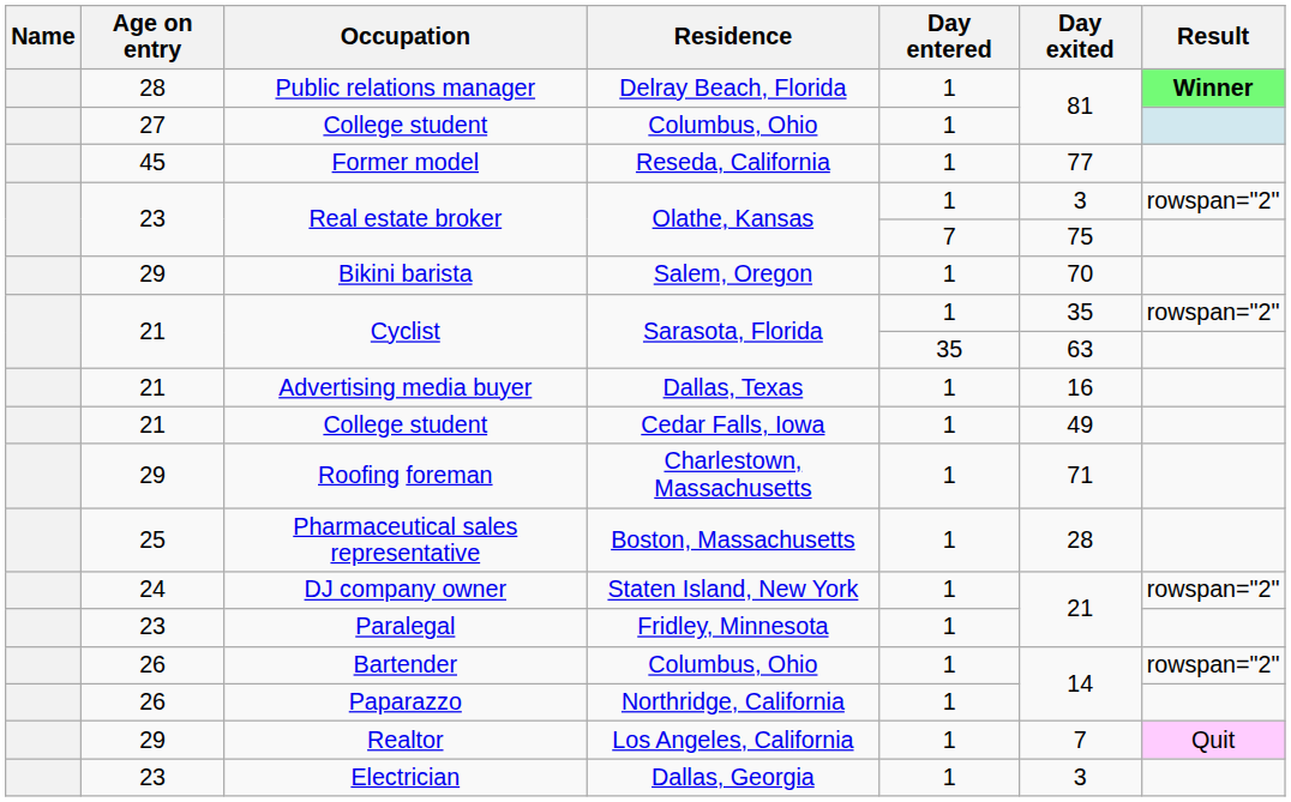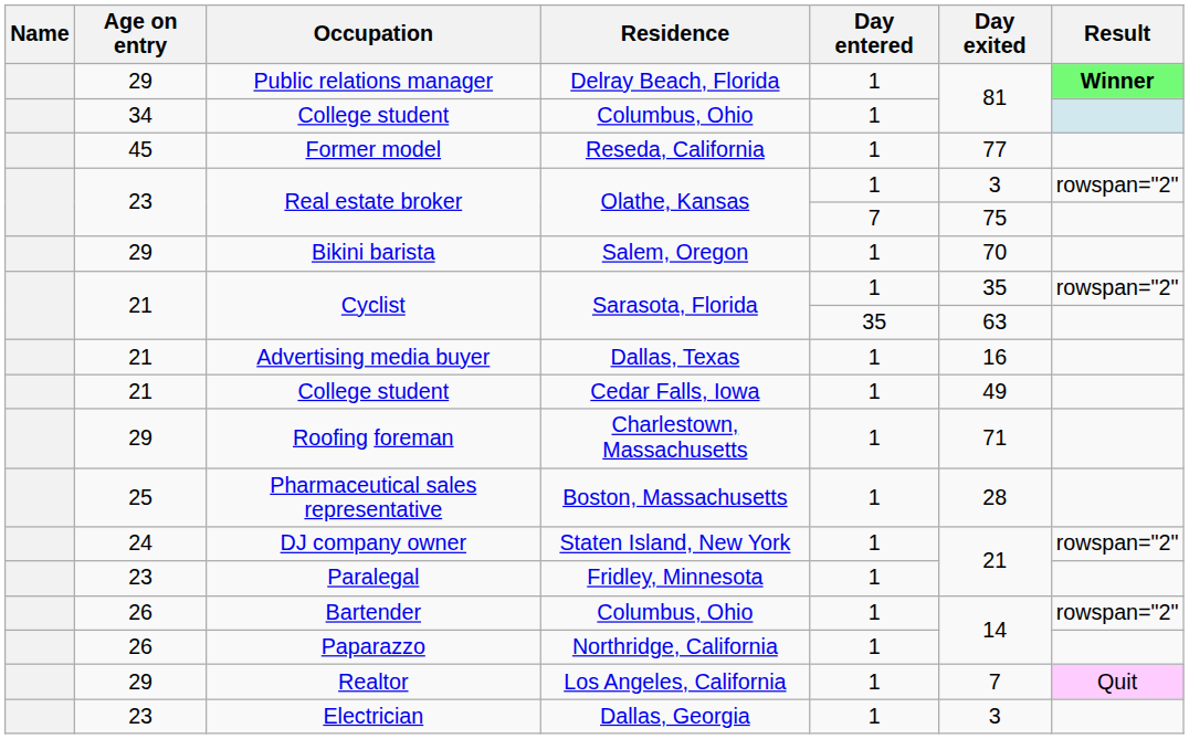 <table class="wikitable sortable" style="text-align:center;">
 <tr>
 <th scope="col">Name</th>
 <th scope="col">Age on entry</th>
 <th scope="col" class="unsortable">Occupation</th>
 <th scope="col" class="unsortable">Residence</th>
 <th scope="col" class="unsortable">Day entered</th>
 <th scope="col">Day exited</th>
 <th scope="col" class="unsortable">Result</th>
 </tr>
 <tr>
 <th scope="row"></th>
-<td>28</td>
+<td>29</td>
 <td><a href='#'>Public relations manager</a></td>
 <td><a href='#'>Delray Beach, Florida</a></td>
 <td>1</td>
 <td rowspan="2">81</td>
 <td bgcolor="73FB76"><strong>Winner</strong></td>
 </tr>
 <tr>
 <th scope="row"></th>
-<td>27</td>
+<td>34</td>
 <td><a href='#'>College student</a></td>
 <td><a href='#'>Columbus, Ohio</a></td>
 <td>1</td>
 <td bgcolor="D1E8EF"></td>
 </tr>
 <tr>
 <th scope="row"></th>
 <td>45</td>
 <td><a href='#'>Former model</a></td>
 <td><a href='#'>Reseda, California</a></td>
 <td>1</td>
 <td>77</td>
 <td></td>
 </tr>
 <tr>
 <th scope="row" rowspan="2"></th>
 <td rowspan="2">23</td>
 <td rowspan="2"><a href='#'>Real estate broker</a></td>
 <td rowspan="2"><a href='#'>Olathe, Kansas</a></td>
 <td>1</td>
 <td>3</td>
 <td>rowspan="2" </td>
 </tr>
 <tr>
 <td>7</td>
 <td>75</td>
 </tr>
 <tr>
 <th scope="row"></th>
 <td>29</td>
 <td><a href='#'>Bikini barista</a></td>
 <td><a href='#'>Salem, Oregon</a></td>
 <td>1</td>
 <td>70</td>
 <td></td>
 </tr>
 <tr>
 <th scope="row" rowspan="2"></th>
 <td rowspan="2">21</td>
 <td rowspan="2"><a href='#'>Cyclist</a></td>
 <td rowspan="2"><a href='#'>Sarasota, Florida</a></td>
 <td>1</td>
 <td>35</td>
 <td>rowspan="2" </td>
 </tr>
 <tr>
 <td>35</td>
 <td>63</td>
 </tr>
 <tr>
 <th scope="row"></th>
 <td>21</td>
 <td><a href='#'>Advertising media buyer</a></td>
 <td><a href='#'>Dallas, Texas</a></td>
 <td>1</td>
 <td>16</td>
 <td></td>
 </tr>
 <tr>
 <th scope="row"></th>
 <td>21</td>
 <td><a href='#'>College student</a></td>
 <td><a href='#'>Cedar Falls, Iowa</a></td>
 <td>1</td>
 <td>49</td>
 <td></td>
 </tr>
 <tr>
 <th scope="row"></th>
 <td>29</td>
 <td><a href='#'>Roofing</a> <a href='#'>foreman</a></td>
 <td><a href='#'>Charlestown, Massachusetts</a></td>
 <td>1</td>
 <td>71</td>
 <td></td>
 </tr>
 <tr>
 <th scope="row"></th>
 <td>25</td>
 <td><a href='#'>Pharmaceutical sales representative</a></td>
 <td><a href='#'>Boston, Massachusetts</a></td>
 <td>1</td>
 <td>28</td>
 <td></td>
 </tr>
 <tr>
 <th scope="row"></th>
 <td>24</td>
 <td><a href='#'>DJ company owner</a></td>
 <td><a href='#'>Staten Island, New York</a></td>
 <td>1</td>
 <td rowspan="2">21</td>
 <td>rowspan="2" </td>
 </tr>
 <tr>
 <th scope="row"></th>
 <td>23</td>
 <td><a href='#'>Paralegal</a></td>
 <td><a href='#'>Fridley, Minnesota</a></td>
 <td>1</td>
 </tr>
 <tr>
 <th scope="row"></th>
 <td>26</td>
 <td><a href='#'>Bartender</a></td>
 <td><a href='#'>Columbus, Ohio</a></td>
 <td>1</td>
 <td rowspan="2">14</td>
 <td>rowspan="2" </td>
 </tr>
 <tr>
 <th scope="row"></th>
 <td>26</td>
 <td><a href='#'>Paparazzo</a></td>
 <td><a href='#'>Northridge, California</a></td>
 <td>1</td>
 </tr>
 <tr>
 <th scope="row"></th>
 <td>29</td>
 <td><a href='#'>Realtor</a></td>
 <td><a href='#'>Los Angeles, California</a></td>
 <td>1</td>
 <td>7</td>
 <td bgcolor="#fcf">Quit</td>
 </tr>
 <tr>
 <th scope="row"></th>
 <td>23</td>
 <td><a href='#'>Electrician</a></td>
 <td><a href='#'>Dallas, Georgia</a></td>
 <td>1</td>
 <td>3</td>
 <td></td>
 </tr>
 </table>
